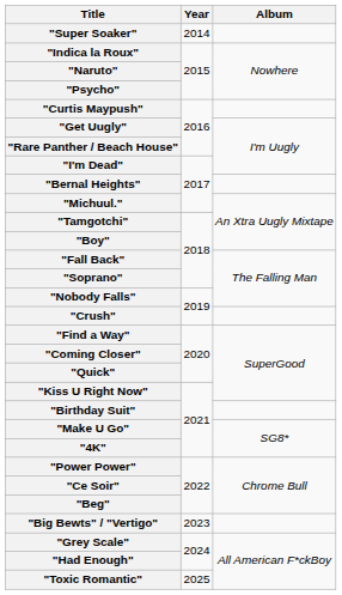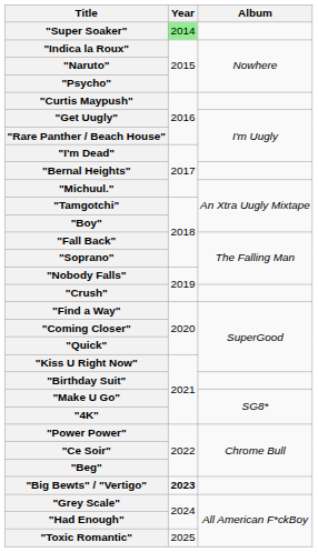 <table class="wikitable plainrowheaders" style="text-align:center;">
 <tr>
 <th>Title</th>
 <th>Year</th>
 <th>Album</th>
 </tr>
 <tr>
 <th scope="row">"Super Soaker"<br></th>
-<td>2014</td>
+<td style="background: lightgreen;">2014</td>
 <td></td>
 </tr>
 <tr>
 <th scope="row">"Indica la Roux"<br></th>
 <td rowspan="3">2015</td>
 <td rowspan="3"><em>Nowhere</em></td>
 </tr>
 <tr>
 <th scope="row">"Naruto"<br></th>
 </tr>
 <tr>
 <th scope="row">"Psycho"<br></th>
 </tr>
 <tr>
 <th scope="row">"Curtis Maypush"<br></th>
 <td rowspan="3">2016</td>
 <td></td>
 </tr>
 <tr>
 <th scope="row">"Get Uugly"<br></th>
 <td rowspan="3"><em>I'm Uugly</em></td>
 </tr>
 <tr>
 <th scope="row">"Rare Panther / Beach House"</th>
 </tr>
 <tr>
 <th scope="row">"I'm Dead"<br></th>
 <td rowspan="3">2017</td>
 </tr>
 <tr>
 <th scope="row">"Bernal Heights"</th>
 <td></td>
 </tr>
 <tr>
 <th scope="row">"Michuul."</th>
 <td rowspan="3"><em>An Xtra Uugly Mixtape</em></td>
 </tr>
 <tr>
 <th scope="row">"Tamgotchi"</th>
 <td rowspan="4">2018</td>
 </tr>
 <tr>
 <th scope="row">"Boy"</th>
 </tr>
 <tr>
 <th scope="row">"Fall Back"</th>
 <td rowspan="3"><em>The Falling Man</em></td>
 </tr>
 <tr>
 <th scope="row">"Soprano"</th>
 </tr>
 <tr>
 <th scope="row">"Nobody Falls"<br></th>
 <td rowspan="2">2019</td>
 </tr>
 <tr>
 <th scope="row">"Crush"</th>
 <td></td>
 </tr>
 <tr>
 <th scope="row">"Find a Way"<br></th>
 <td rowspan="3">2020</td>
 <td rowspan="4"><em>SuperGood</em></td>
 </tr>
 <tr>
 <th scope="row">"Coming Closer"<br></th>
 </tr>
 <tr>
 <th scope="row">"Quick"<br></th>
 </tr>
 <tr>
 <th scope="row">"Kiss U Right Now"</th>
 <td rowspan="4">2021</td>
 </tr>
 <tr>
 <th scope="row">"Birthday Suit"<br></th>
 <td></td>
 </tr>
 <tr>
 <th scope="row">"Make U Go"</th>
 <td rowspan="2"><em>SG8*</em></td>
 </tr>
 <tr>
 <th scope="row">"4K"<br></th>
 </tr>
 <tr>
 <th scope="row">"Power Power"<br></th>
 <td rowspan="3">2022</td>
 <td rowspan="3"><em>Chrome Bull</em></td>
 </tr>
 <tr>
 <th scope="row">"Ce Soir"<br></th>
 </tr>
 <tr>
 <th scope="row">"Beg"<br></th>
 </tr>
 <tr>
 <th scope="row">"Big Bewts" / "Vertigo"</th>
-<td>2023</td>
+<td><strong>2023</strong></td>
 <td></td>
 </tr>
 <tr>
 <th scope="row">"Grey Scale"</th>
 <td rowspan="2">2024</td>
 <td rowspan="3"><em>All American F*ckBoy</em></td>
 </tr>
 <tr>
 <th scope="row">"Had Enough"</th>
 </tr>
 <tr>
 <th scope="row">"Toxic Romantic"</th>
 <td>2025</td>
 </tr>
 </table>
